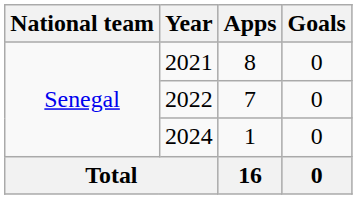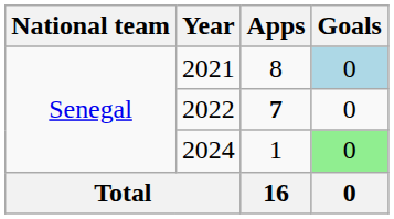 <table class="wikitable" style="text-align:center">
 <tr>
 <th>National team</th>
 <th>Year</th>
 <th>Apps</th>
 <th>Goals</th>
 </tr>
 <tr>
 <td rowspan="3"><a href='#'>Senegal</a></td>
 <td>2021</td>
 <td>8</td>
-<td>0</td>
+<td style="background: lightblue;">0</td>
 </tr>
 <tr>
 <td>2022</td>
-<td>7</td>
+<td><strong>7</strong></td>
 <td>0</td>
 </tr>
 <tr>
 <td>2024</td>
 <td>1</td>
-<td>0</td>
+<td style="background: lightgreen;">0</td>
 </tr>
 <tr>
 <th colspan="2">Total</th>
 <th>16</th>
 <th>0</th>
 </tr>
 </table>
